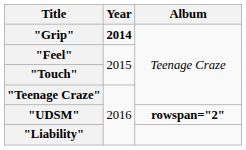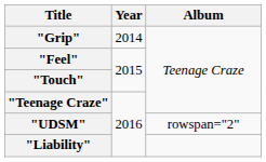 <table class="wikitable plainrowheaders" style="text-align:center;">
 <tr>
 <th scope="col">Title</th>
 <th scope="col">Year</th>
 <th scope="col" style="width:8em;">Album</th>
 </tr>
 <tr>
 <th scope="row">"Grip"</th>
-<td><strong>2014</strong></td>
+<td>2014</td>
 <td rowspan="4"><em>Teenage Craze</em></td>
 </tr>
 <tr>
 <th scope="row">"Feel"</th>
 <td rowspan="2">2015</td>
 </tr>
 <tr>
 <th scope="row">"Touch"</th>
 </tr>
 <tr>
 <th scope="row">"Teenage Craze"</th>
 <td rowspan="3">2016</td>
 </tr>
 <tr>
 <th scope="row">"UDSM"</th>
-<td><strong>rowspan="2" </strong></td>
+<td>rowspan="2" </td>
 </tr>
 <tr>
 <th scope="row">"Liability"</th>
 </tr>
 </table>
